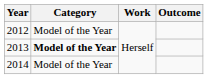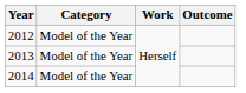 <table class="wikitable Sortable">
 <tr>
 <th>Year</th>
 <th>Category</th>
 <th>Work</th>
 <th>Outcome</th>
 </tr>
 <tr>
 <td>2012</td>
 <td>Model of the Year</td>
 <td rowspan="3">Herself</td>
 <td></td>
 </tr>
 <tr>
 <td>2013</td>
-<td><strong>Model of the Year</strong></td>
+<td>Model of the Year</td>
 <td></td>
 </tr>
 <tr>
 <td>2014</td>
 <td>Model of the Year</td>
 <td></td>
 </tr>
 </table>
